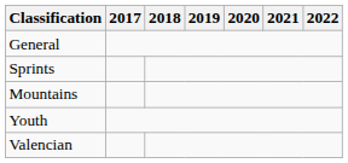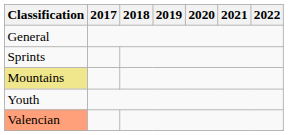 <table class="wikitable">
 <tr>
 <th>Classification</th>
 <th>2017</th>
 <th>2018</th>
 <th>2019</th>
 <th>2020</th>
 <th>2021</th>
 <th>2022</th>
 </tr>
 <tr>
 <td>General</td>
 <td colspan=6 align=center></td>
 </tr>
 <tr>
 <td>Sprints</td>
 <td align=center></td>
 <td colspan=5 align=center></td>
 </tr>
 <tr>
-<td>Mountains</td>
+<td style="background: khaki;">Mountains</td>
 <td align=center></td>
 <td colspan=5 align=center></td>
 </tr>
 <tr>
 <td>Youth</td>
 <td colspan=6 align=center></td>
 </tr>
 <tr>
-<td>Valencian</td>
+<td style="background: lightsalmon;">Valencian</td>
 <td align=center></td>
 <td colspan=5 align=center></td>
 </tr>
 </table>
